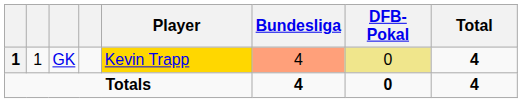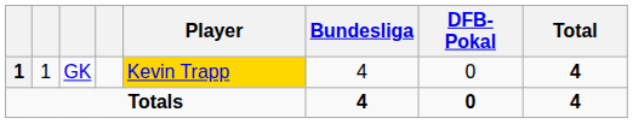 <table class="wikitable" style="text-align:center">
 <tr>
 <th width=15></th>
 <th width=15></th>
 <th width=15></th>
 <th width=15></th>
 <th width=145>Player</th>
 <th width=80><a href='#'>Bundesliga</a></th>
 <th width=80><a href='#'>DFB-Pokal</a></th>
 <th width=80>Total</th>
 </tr>
 <tr>
 <th rowspan=1>1</th>
 <td>1</td>
 <td><a href='#'>GK</a></td>
 <td></td>
 <td align=left style="background: gold;"><a href='#'>Kevin Trapp</a></td>
-<td style="background: lightsalmon;">4</td>
-<td style="background: khaki;">0</td>
+<td>4</td>
+<td>0</td>
 <td><strong>4</strong></td>
 </tr>
 <tr>
 <td colspan=5><strong>Totals</strong></td>
 <td><strong>4</strong></td>
 <td><strong>0</strong></td>
 <td><strong>4</strong></td>
 </tr>
 </table>
